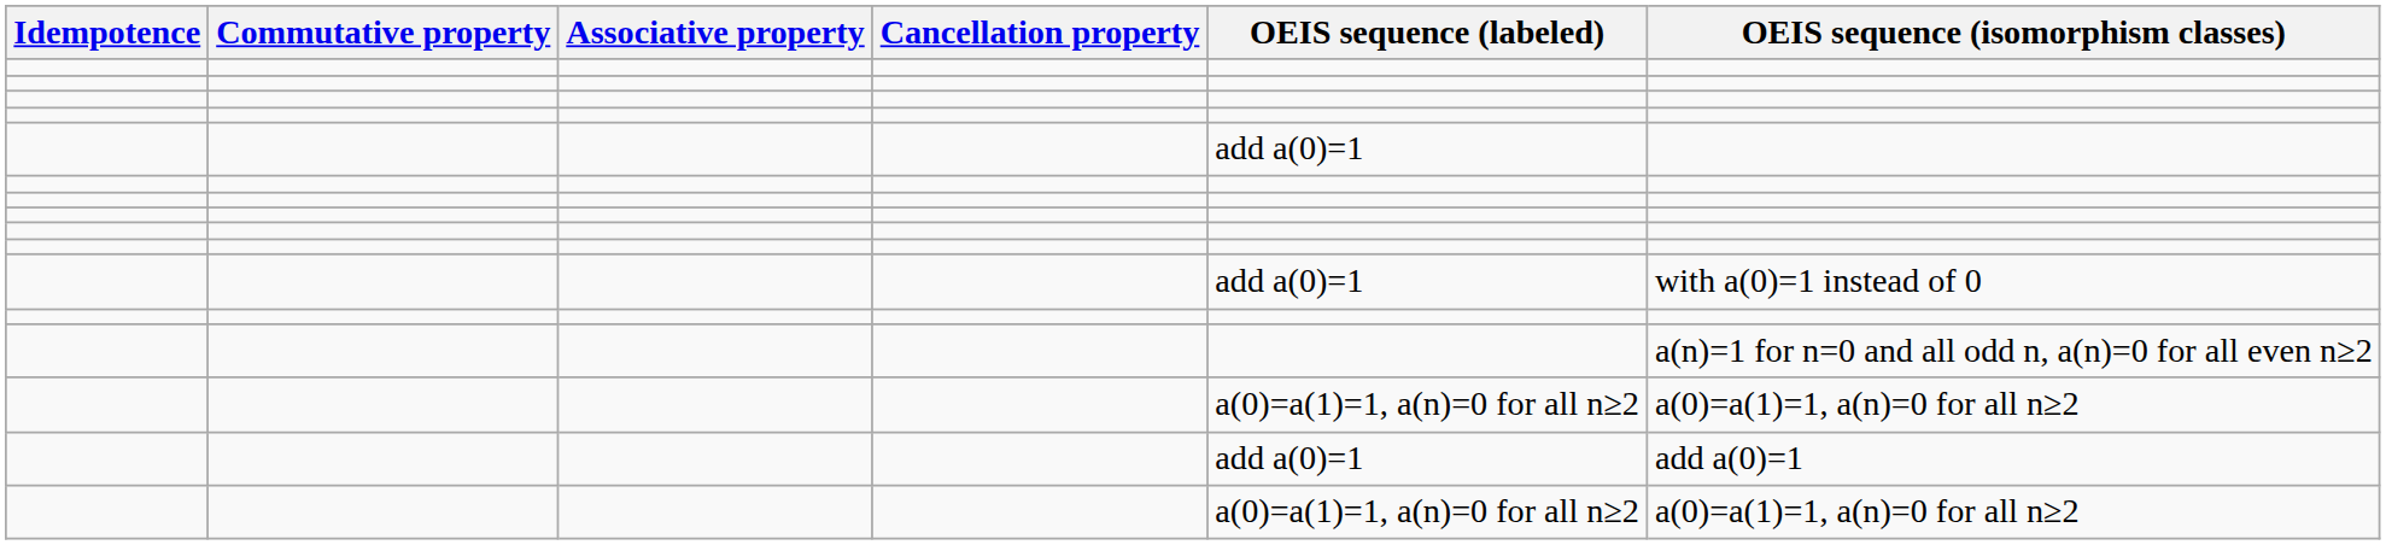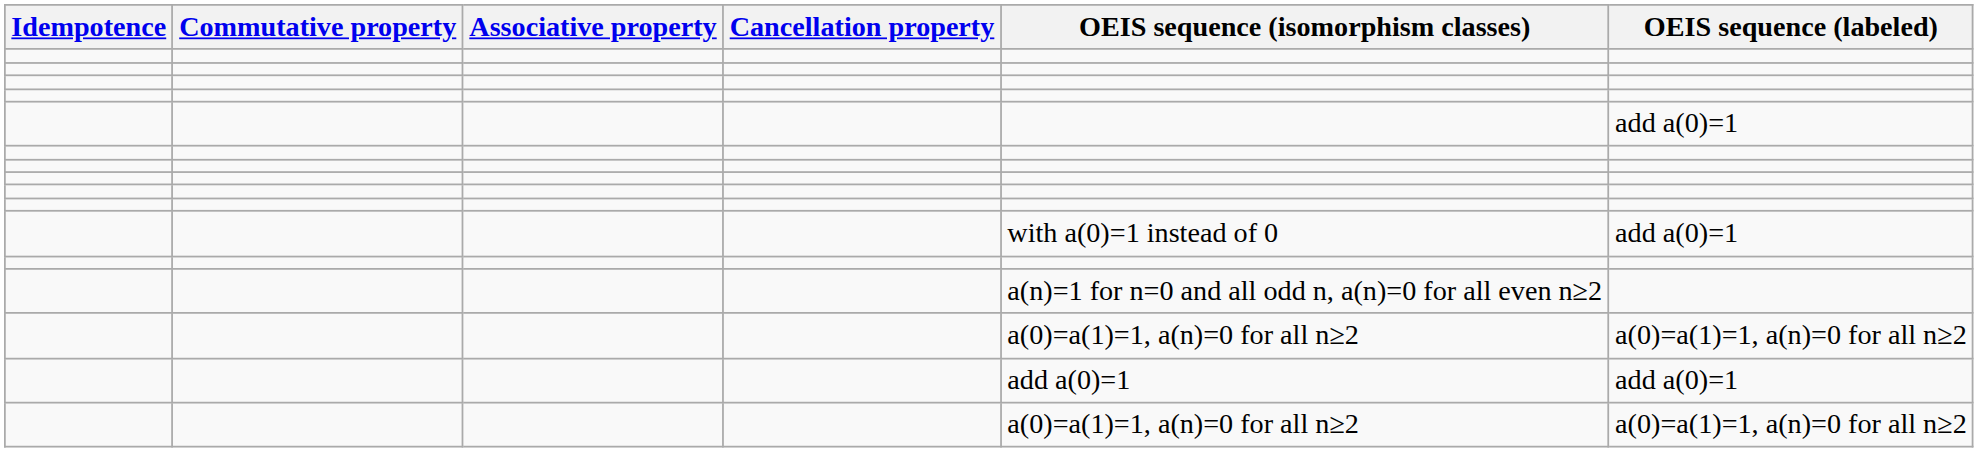 <table class=wikitable>
 <tr>
 <th><a href='#'>Idempotence</a></th>
 <th><a href='#'>Commutative property</a></th>
 <th><a href='#'>Associative property</a></th>
 <th><a href='#'>Cancellation property</a></th>
+<th>OEIS sequence (isomorphism classes)</th>
 <th>OEIS sequence (labeled)</th>
-<th>OEIS sequence (isomorphism classes)</th>
 </tr>
 <tr>
 <td></td>
 <td></td>
 <td></td>
 <td></td>
 <td></td>
 <td></td>
 </tr>
 <tr>
 <td></td>
 <td></td>
 <td></td>
 <td></td>
 <td></td>
 <td></td>
 </tr>
 <tr>
 <td></td>
 <td></td>
 <td></td>
 <td></td>
 <td></td>
 <td></td>
 </tr>
 <tr>
 <td></td>
 <td></td>
 <td></td>
 <td></td>
 <td></td>
 <td></td>
 </tr>
 <tr>
 <td></td>
 <td></td>
 <td></td>
 <td></td>
+<td></td>
 <td> add a(0)=1</td>
-<td></td>
 </tr>
 <tr>
 <td></td>
 <td></td>
 <td></td>
 <td></td>
 <td></td>
 <td></td>
 </tr>
 <tr>
 <td></td>
 <td></td>
 <td></td>
 <td></td>
 <td></td>
 <td></td>
 </tr>
 <tr>
 <td></td>
 <td></td>
 <td></td>
 <td></td>
 <td></td>
 <td></td>
 </tr>
 <tr>
 <td></td>
 <td></td>
 <td></td>
 <td></td>
 <td></td>
 <td></td>
 </tr>
 <tr>
 <td></td>
 <td></td>
 <td></td>
 <td></td>
 <td></td>
 <td></td>
 </tr>
 <tr>
 <td></td>
 <td></td>
 <td></td>
 <td></td>
+<td> with a(0)=1 instead of 0</td>
 <td> add a(0)=1</td>
-<td> with a(0)=1 instead of 0</td>
 </tr>
 <tr>
 <td></td>
 <td></td>
 <td></td>
 <td></td>
 <td></td>
 <td></td>
 </tr>
 <tr>
 <td></td>
 <td></td>
 <td></td>
 <td></td>
+<td>a(n)=1 for n=0 and all odd n, a(n)=0 for all even n≥2</td>
 <td></td>
-<td>a(n)=1 for n=0 and all odd n, a(n)=0 for all even n≥2</td>
 </tr>
 <tr>
 <td></td>
 <td></td>
 <td></td>
 <td></td>
 <td>a(0)=a(1)=1, a(n)=0 for all n≥2</td>
 <td>a(0)=a(1)=1, a(n)=0 for all n≥2</td>
 </tr>
 <tr>
 <td></td>
 <td></td>
 <td></td>
 <td></td>
 <td> add a(0)=1</td>
 <td> add a(0)=1</td>
 </tr>
 <tr>
 <td></td>
 <td></td>
 <td></td>
 <td></td>
 <td>a(0)=a(1)=1, a(n)=0 for all n≥2</td>
 <td>a(0)=a(1)=1, a(n)=0 for all n≥2</td>
 </tr>
 </table>
